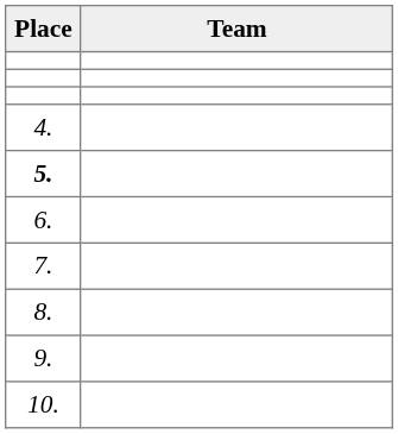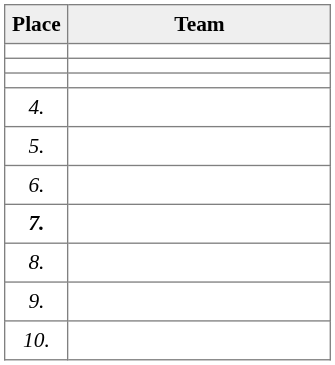 <table style=border-collapse:collapse border=1 cellspacing=0 cellpadding=5>
 <tr align=center bgcolor=#efefef>
 <th width=35>Place</th>
 <th width=185>Team</th>
 </tr>
 <tr align=center>
 <td></td>
 <td style="text-align:left;"></td>
 </tr>
 <tr align=center>
 <td></td>
 <td style="text-align:left;"></td>
 </tr>
 <tr align=center>
 <td></td>
 <td style="text-align:left;"></td>
 </tr>
 <tr align=center>
 <td><em>4.</em></td>
 <td style="text-align:left;"></td>
 </tr>
 <tr align=center>
-<td><strong><em>5.</em></strong></td>
+<td><em>5.</em></td>
 <td style="text-align:left;"></td>
 </tr>
 <tr align=center>
 <td><em>6.</em></td>
 <td style="text-align:left;"></td>
 </tr>
 <tr align=center>
-<td><em>7.</em></td>
+<td><strong><em>7.</em></strong></td>
 <td style="text-align:left;"></td>
 </tr>
 <tr align=center>
 <td><em>8.</em></td>
 <td style="text-align:left;"></td>
 </tr>
 <tr align=center>
 <td><em>9.</em></td>
 <td style="text-align:left;"></td>
 </tr>
 <tr align=center>
 <td><em>10.</em></td>
 <td style="text-align:left;"></td>
 </tr>
 </table>
